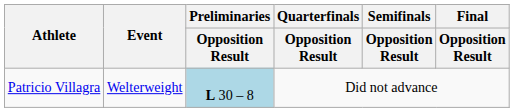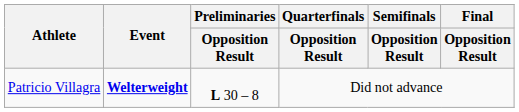 <table class="wikitable" border="1" style="font-size:90%">
 <tr>
 <th rowspan=2>Athlete</th>
 <th rowspan=2>Event</th>
 <th>Preliminaries</th>
 <th>Quarterfinals</th>
 <th>Semifinals</th>
 <th>Final</th>
 </tr>
 <tr>
 <th>Opposition<br>Result</th>
 <th>Opposition<br>Result</th>
 <th>Opposition<br>Result</th>
 <th>Opposition<br>Result</th>
 </tr>
 <tr>
 <td><a href='#'>Patricio Villagra</a></td>
-<td><a href='#'>Welterweight</a></td>
-<td align=center style="background: lightblue;"><br><strong>L</strong> 30 – 8</td>
+<td><strong><a href='#'>Welterweight</a></strong></td>
+<td align=center><br><strong>L</strong> 30 – 8</td>
 <td align=center colspan="7">Did not advance</td>
 </tr>
 </table>
